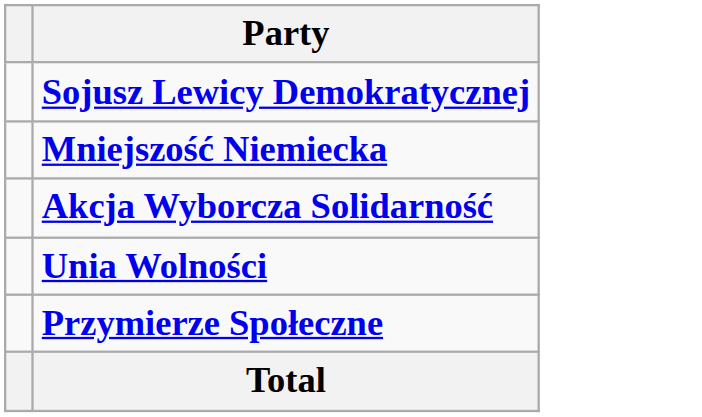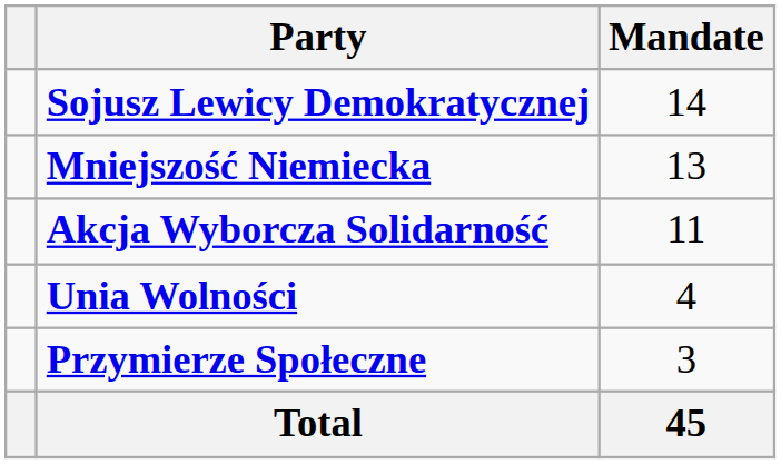 <table class="wikitable">
 <tr>
 <th width=5></th>
 <th>Party</th>
+<th>Mandate</th>
 </tr>
 <tr>
 <td style="background:"></td>
 <td><strong><a href='#'>Sojusz Lewicy Demokratycznej</a></strong></td>
+<td align="center">14</td>
 </tr>
 <tr>
 <td style="background:"></td>
 <td><strong><a href='#'>Mniejszość Niemiecka</a></strong></td>
+<td align="center">13</td>
 </tr>
 <tr>
 <td style="background:"></td>
 <td><strong><a href='#'>Akcja Wyborcza Solidarność</a></strong></td>
+<td align="center">11</td>
 </tr>
 <tr>
 <td style="background:"></td>
 <td><strong><a href='#'>Unia Wolności</a></strong></td>
+<td align="center">4</td>
 </tr>
 <tr>
 <td style="background:"></td>
 <td><strong><a href='#'>Przymierze Społeczne</a></strong></td>
+<td align="center">3</td>
 </tr>
 <tr bgcolor="#ececec">
 <th></th>
 <th>Total</th>
+<th align="center">45</th>
 </tr>
 </table>
